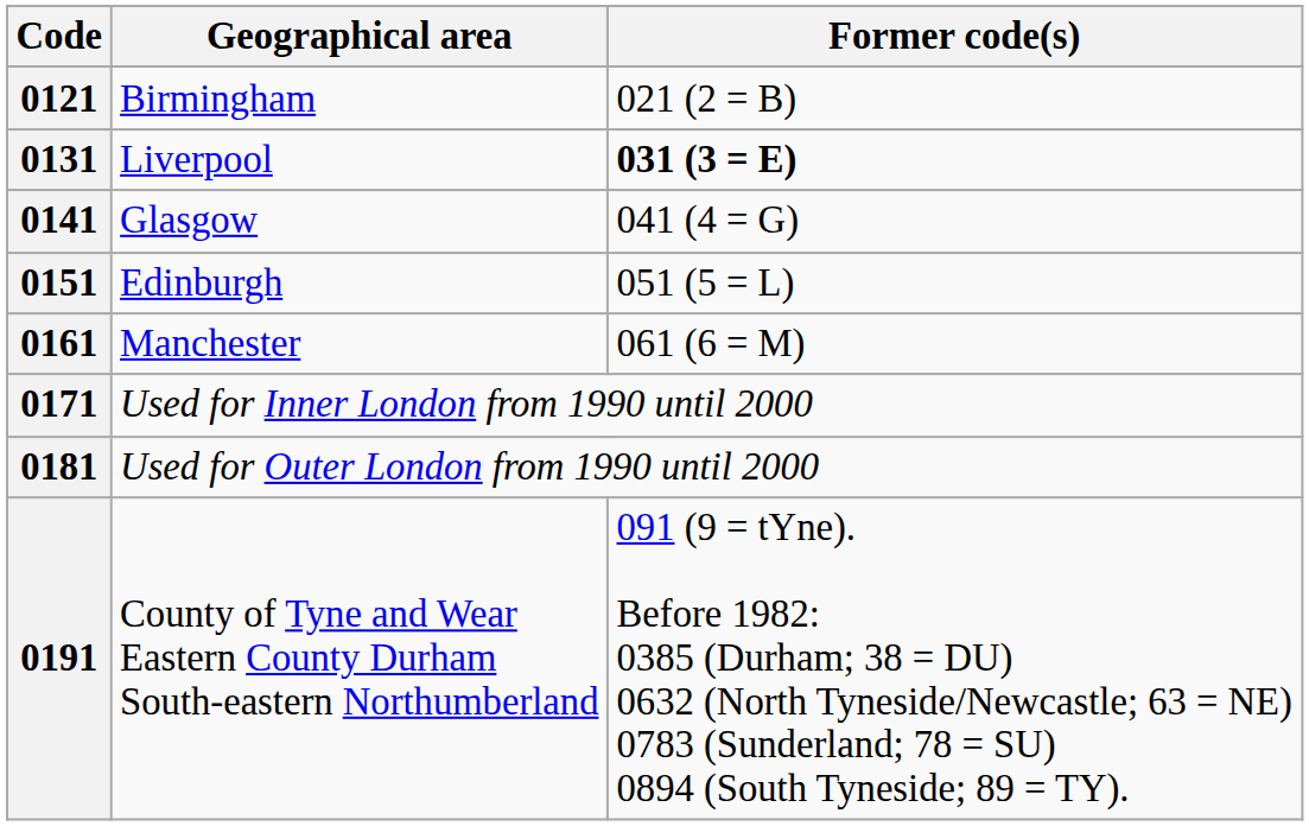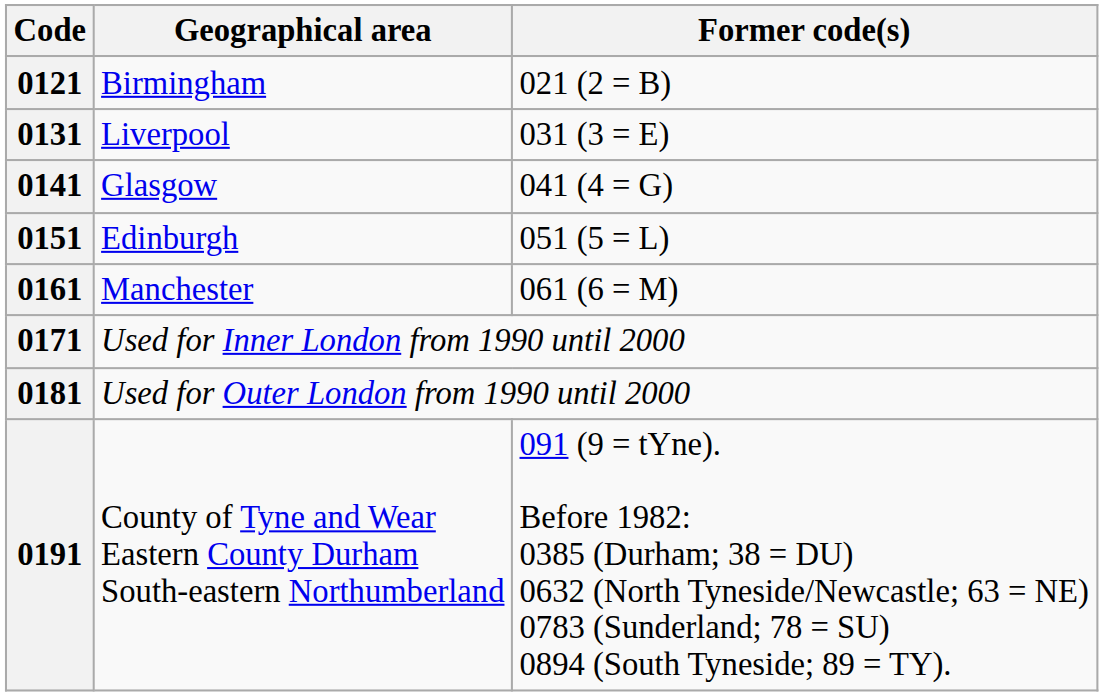 <table class="wikitable" style="width: auto; margin-left: 1.5em;">
 <tr>
 <th>Code</th>
 <th>Geographical area</th>
 <th>Former code(s)</th>
 </tr>
 <tr>
 <th scope="row">0121</th>
 <td><a href='#'>Birmingham</a></td>
 <td>021 (2 = B)</td>
 </tr>
 <tr>
 <th scope="row">0131</th>
 <td><a href='#'>Liverpool</a></td>
-<td><strong>031 (3 = E)</strong></td>
+<td>031 (3 = E)</td>
 </tr>
 <tr>
 <th scope="row">0141</th>
 <td><a href='#'>Glasgow</a></td>
 <td>041 (4 = G)</td>
 </tr>
 <tr>
 <th scope="row">0151</th>
 <td><a href='#'>Edinburgh</a></td>
 <td>051 (5 = L)</td>
 </tr>
 <tr>
 <th scope="row">0161</th>
 <td><a href='#'>Manchester</a></td>
 <td>061 (6 = M)</td>
 </tr>
 <tr>
 <th scope="row">0171</th>
 <td colspan="2"><em>Used for <a href='#'>Inner London</a> from 1990 until 2000</em></td>
 </tr>
 <tr>
 <th scope="row">0181</th>
 <td colspan="2"><em>Used for <a href='#'>Outer London</a> from 1990 until 2000</em></td>
 </tr>
 <tr>
 <th scope="row">0191</th>
 <td>County of <a href='#'>Tyne and Wear</a><br>Eastern <a href='#'>County Durham</a><br>South-eastern <a href='#'>Northumberland</a></td>
 <td><a href='#'>091</a> (9 = tYne).<br><br>Before 1982:<br>0385 (Durham; 38 = DU)<br>0632 (North Tyneside/Newcastle; 63 = NE)<br>0783 (Sunderland; 78 = SU)<br>0894 (South Tyneside; 89 = TY).</td>
 </tr>
 </table>
